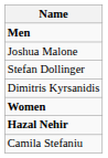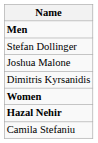 <table class="wikitable">
 <tr>
 <th>Name</th>
 </tr>
 <tr>
 <td><strong>Men</strong></td>
 </tr>
 <tr>
-<td> Joshua Malone</td>
+<td> Stefan Dollinger</td>
 </tr>
 <tr>
-<td> Stefan Dollinger</td>
+<td> Joshua Malone</td>
 </tr>
 <tr>
 <td> Dimitris Kyrsanidis</td>
 </tr>
 <tr>
 <td><strong>Women</strong></td>
 </tr>
 <tr>
 <td><strong> Hazal Nehir</strong></td>
 </tr>
 <tr>
 <td> Camila Stefaniu</td>
 </tr>
 </table>
